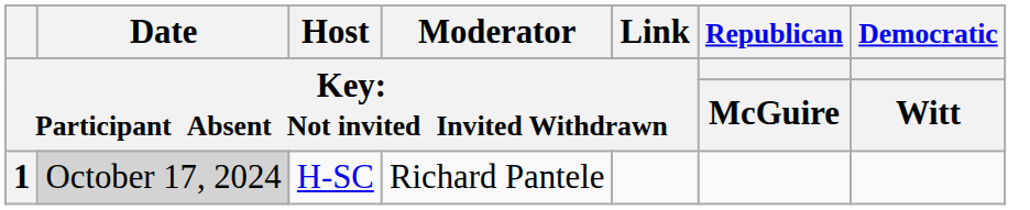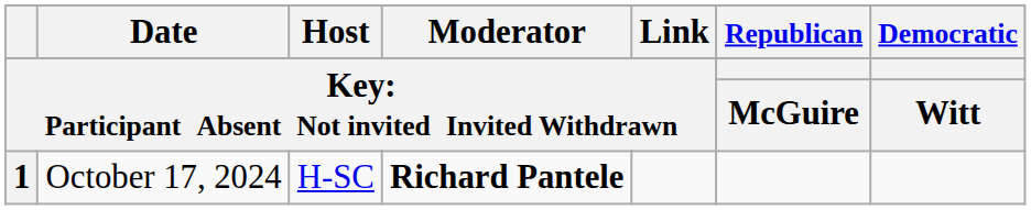 <table class="wikitable" style="text-align:center;">
 <tr>
 <th scope="col"></th>
 <th scope="col">Date</th>
 <th scope="col">Host</th>
 <th scope="col">Moderator</th>
 <th scope="col">Link</th>
 <th scope="col"><small><a href='#'>Republican</a></small></th>
 <th scope="col"><small><a href='#'>Democratic</a></small></th>
 </tr>
 <tr>
 <th colspan="5" rowspan="2">Key:<br> <small>Participant </small>  <small>Absent </small>  <small>Not invited </small>  <small>Invited  Withdrawn</small></th>
 <th scope="col" style="background:"></th>
 <th scope="col" style="background:"></th>
 </tr>
 <tr>
 <th scope="col">McGuire</th>
 <th scope="col">Witt</th>
 </tr>
 <tr>
 <th>1</th>
-<td style="background: lightgrey; white-space:nowrap;">October 17, 2024</td>
+<td style="white-space:nowrap;">October 17, 2024</td>
 <td style="white-space:nowrap;"><a href='#'>H-SC</a></td>
-<td style="white-space:nowrap;">Richard Pantele</td>
+<td style="white-space:nowrap;"><strong>Richard Pantele</strong></td>
 <td style="white-space:nowrap;"></td>
 <td></td>
 <td></td>
 </tr>
 </table>
